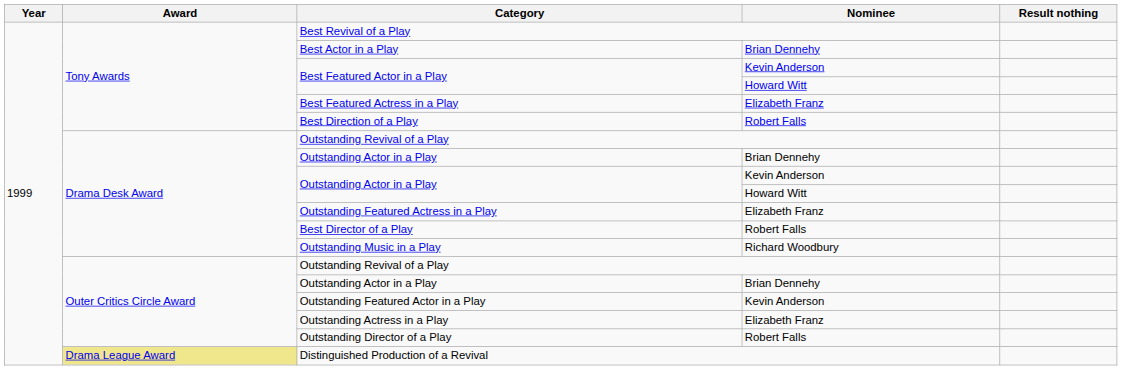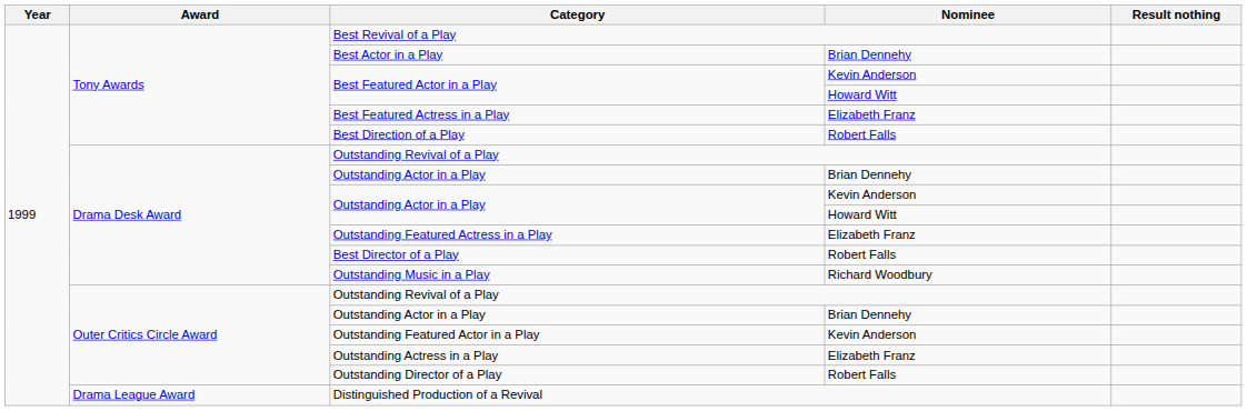 <table class="wikitable sortable" style="width: 99%;">
 <tr>
 <th scope="col" style="width:5%;">Year</th>
 <th scope="col" style="width:20%;">Award</th>
 <th scope="col" style="width:38%;">Category</th>
 <th scope="col" style="width:22%;">Nominee</th>
 <th scope="col" style="width:10%;">Result nothing</th>
 </tr>
 <tr>
 <td rowspan="19">1999</td>
 <td rowspan="6"><a href='#'>Tony Awards</a></td>
 <td colspan="2"><a href='#'>Best Revival of a Play</a></td>
 <td></td>
 </tr>
 <tr>
 <td><a href='#'>Best Actor in a Play</a></td>
 <td><a href='#'>Brian Dennehy</a></td>
 <td></td>
 </tr>
 <tr>
 <td rowspan="2"><a href='#'>Best Featured Actor in a Play</a></td>
 <td><a href='#'>Kevin Anderson</a></td>
 <td></td>
 </tr>
 <tr>
 <td><a href='#'>Howard Witt</a></td>
 <td></td>
 </tr>
 <tr>
 <td><a href='#'>Best Featured Actress in a Play</a></td>
 <td><a href='#'>Elizabeth Franz</a></td>
 <td></td>
 </tr>
 <tr>
 <td><a href='#'>Best Direction of a Play</a></td>
 <td><a href='#'>Robert Falls</a></td>
 <td></td>
 </tr>
 <tr>
 <td rowspan="7"><a href='#'>Drama Desk Award</a></td>
 <td colspan="2"><a href='#'>Outstanding Revival of a Play</a></td>
 <td></td>
 </tr>
 <tr>
 <td><a href='#'>Outstanding Actor in a Play</a></td>
 <td>Brian Dennehy</td>
 <td></td>
 </tr>
 <tr>
 <td rowspan="2"><a href='#'>Outstanding Actor in a Play</a></td>
 <td>Kevin Anderson</td>
 <td></td>
 </tr>
 <tr>
 <td>Howard Witt</td>
 <td></td>
 </tr>
 <tr>
 <td><a href='#'>Outstanding Featured Actress in a Play</a></td>
 <td>Elizabeth Franz</td>
 <td></td>
 </tr>
 <tr>
 <td><a href='#'>Best Director of a Play</a></td>
 <td>Robert Falls</td>
 <td></td>
 </tr>
 <tr>
 <td><a href='#'>Outstanding Music in a Play</a></td>
 <td>Richard Woodbury</td>
 <td></td>
 </tr>
 <tr>
 <td rowspan="5"><a href='#'>Outer Critics Circle Award</a></td>
 <td colspan="2">Outstanding Revival of a Play</td>
 <td></td>
 </tr>
 <tr>
 <td>Outstanding Actor in a Play</td>
 <td>Brian Dennehy</td>
 <td></td>
 </tr>
 <tr>
 <td>Outstanding Featured Actor in a Play</td>
 <td>Kevin Anderson</td>
 <td></td>
 </tr>
 <tr>
 <td>Outstanding Actress in a Play</td>
 <td>Elizabeth Franz</td>
 <td></td>
 </tr>
 <tr>
 <td>Outstanding Director of a Play</td>
 <td>Robert Falls</td>
 <td></td>
 </tr>
 <tr>
-<td style="background: khaki;"><a href='#'>Drama League Award</a></td>
+<td><a href='#'>Drama League Award</a></td>
 <td colspan="2">Distinguished Production of a Revival</td>
 <td></td>
 </tr>
 </table>
